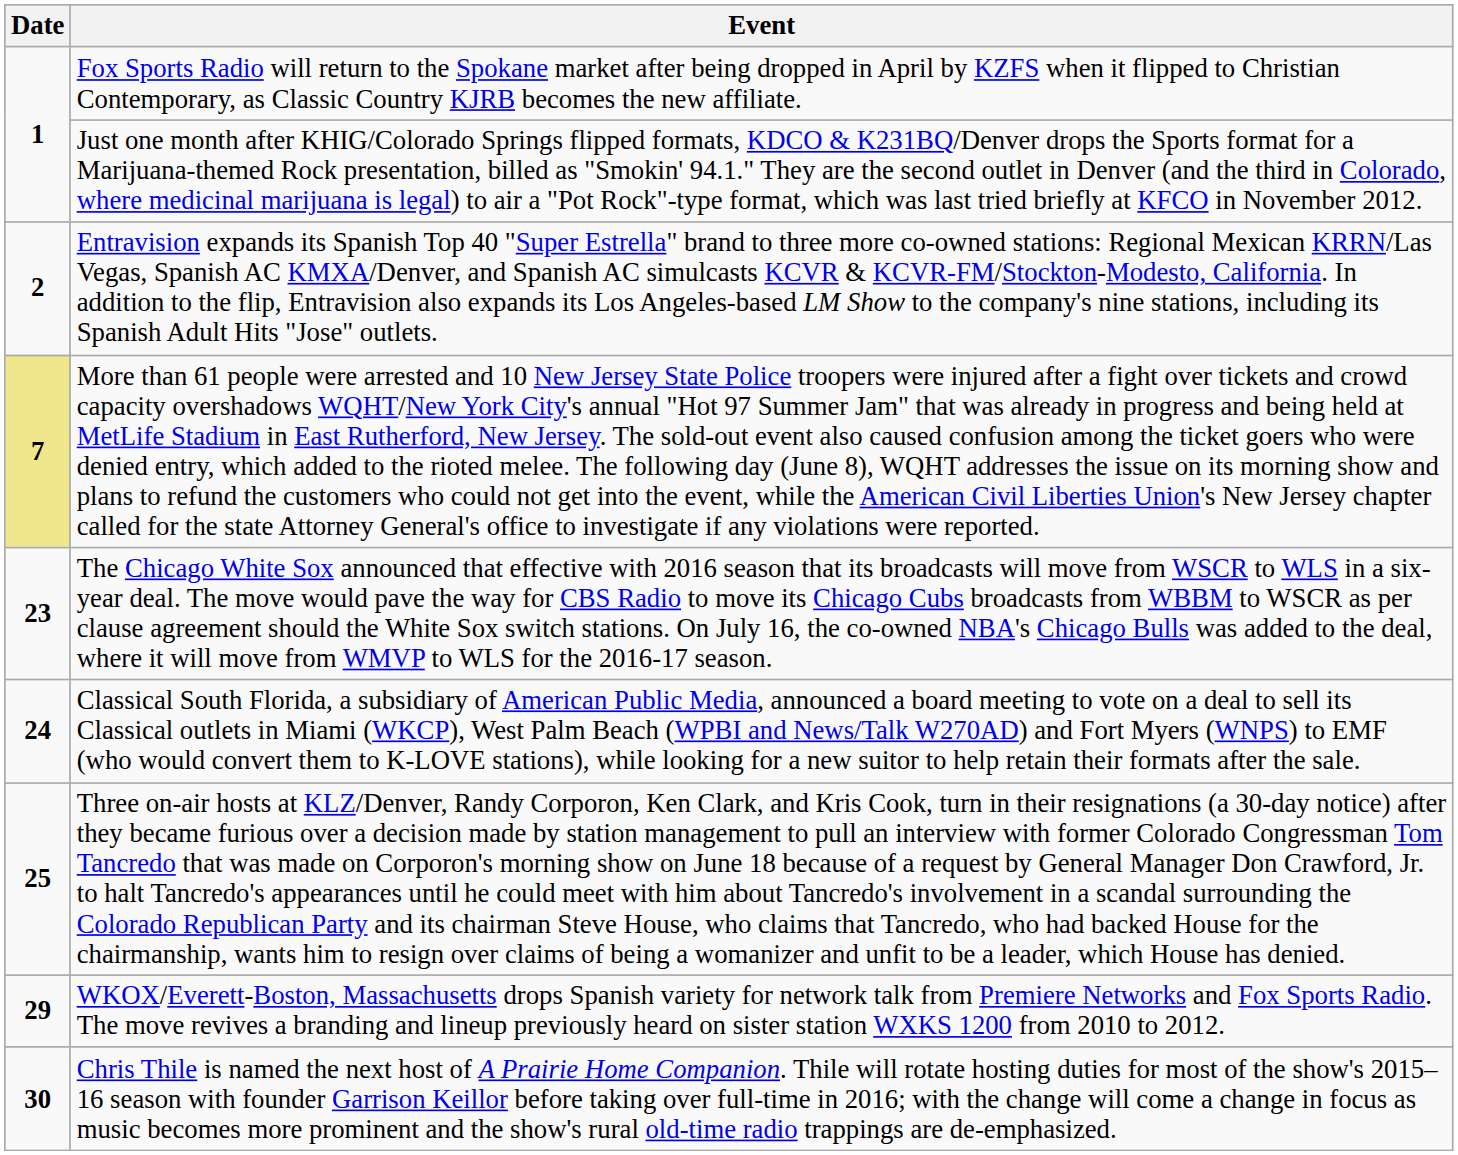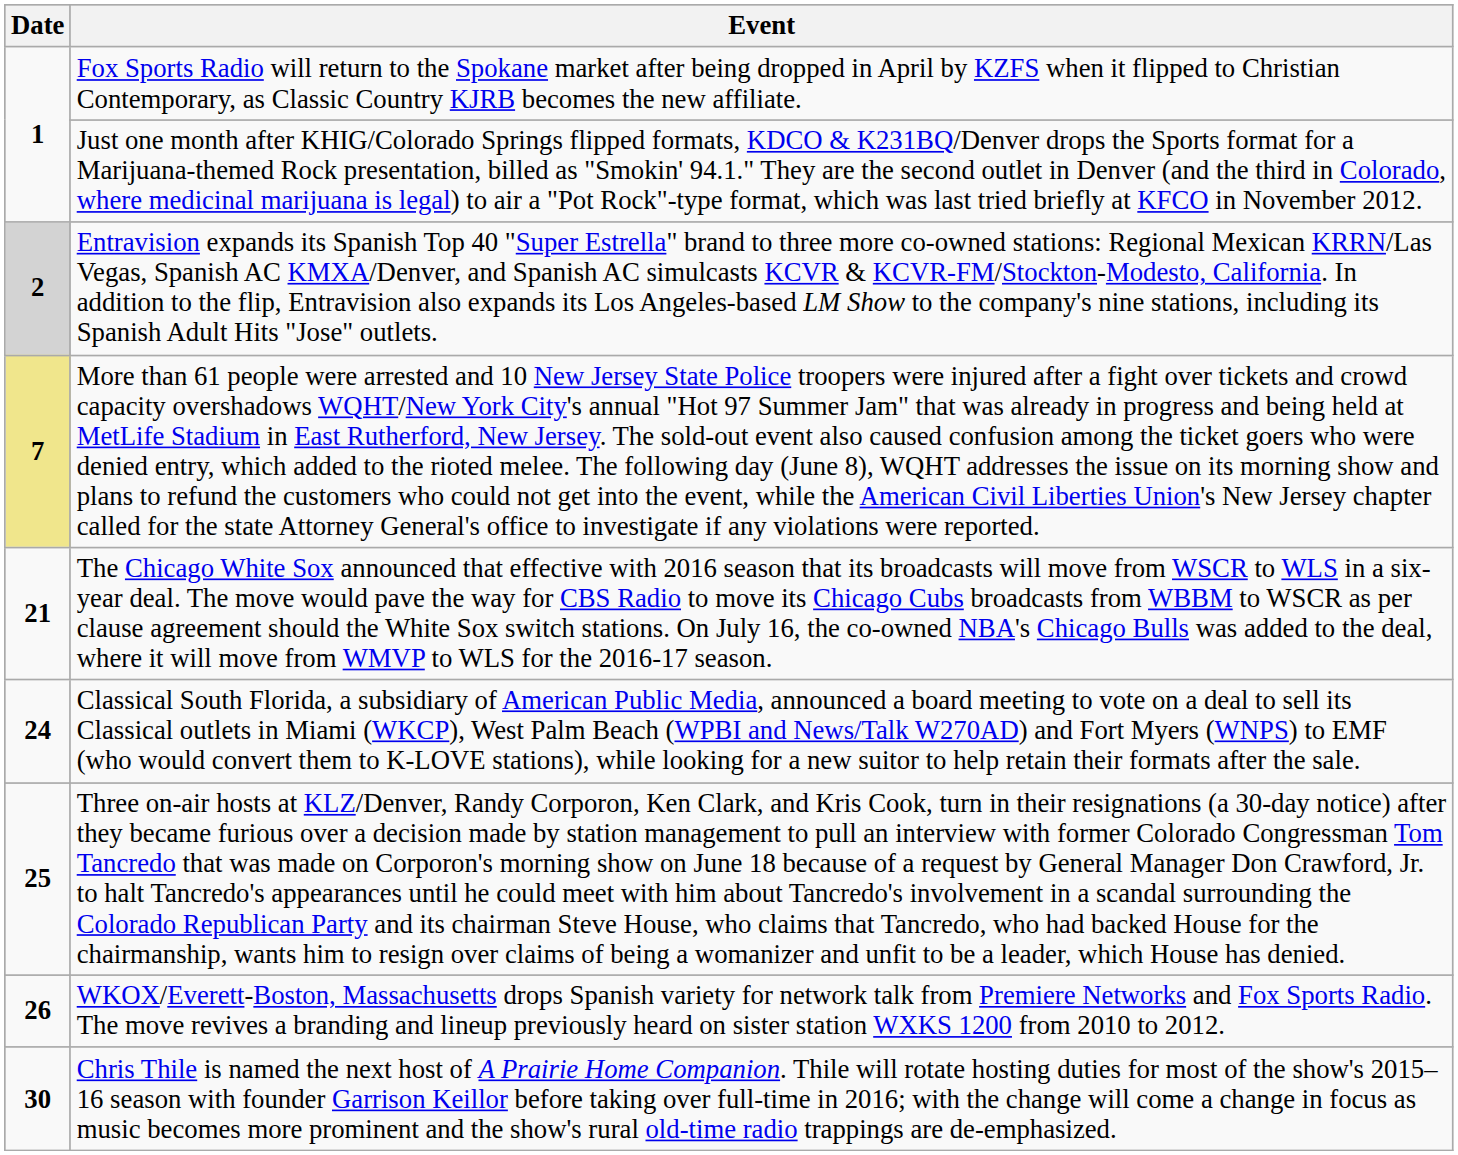 <table class="wikitable">
 <tr>
 <th>Date</th>
 <th>Event</th>
 </tr>
 <tr>
 <td style="text-align:center" rowspan=2><strong>1</strong></td>
 <td><a href='#'>Fox Sports Radio</a> will return to the <a href='#'>Spokane</a> market after being dropped in April by <a href='#'>KZFS</a> when it flipped to Christian Contemporary, as Classic Country <a href='#'>KJRB</a> becomes the new affiliate.</td>
 </tr>
 <tr>
 <td>Just one month after KHIG/Colorado Springs flipped formats, <a href='#'>KDCO & K231BQ</a>/Denver drops the Sports format for a Marijuana-themed Rock presentation, billed as "Smokin' 94.1." They are the second outlet in Denver (and the third in <a href='#'>Colorado</a>, <a href='#'>where medicinal marijuana is legal</a>) to air a "Pot Rock"-type format, which was last tried briefly at <a href='#'>KFCO</a> in November 2012.</td>
 </tr>
 <tr>
-<td style="text-align:center"><strong>2</strong></td>
+<td style="background: lightgrey; text-align:center"><strong>2</strong></td>
 <td><a href='#'>Entravision</a> expands its Spanish Top 40 "<a href='#'>Super Estrella</a>" brand to three more co-owned stations: Regional Mexican <a href='#'>KRRN</a>/Las Vegas, Spanish AC <a href='#'>KMXA</a>/Denver, and Spanish AC simulcasts <a href='#'>KCVR</a> & <a href='#'>KCVR-FM</a>/<a href='#'>Stockton</a>-<a href='#'>Modesto, California</a>. In addition to the flip, Entravision also expands its Los Angeles-based <em>LM Show</em> to the company's nine stations, including its Spanish Adult Hits "Jose" outlets.</td>
 </tr>
 <tr>
 <td style="background: khaki; text-align:center"><strong>7</strong></td>
 <td>More than 61 people were arrested and 10 <a href='#'>New Jersey State Police</a> troopers were injured after a fight over tickets and crowd capacity overshadows <a href='#'>WQHT</a>/<a href='#'>New York City</a>'s annual "Hot 97 Summer Jam" that was already in progress and being held at <a href='#'>MetLife Stadium</a> in <a href='#'>East Rutherford, New Jersey</a>. The sold-out event also caused confusion among the ticket goers who were denied entry, which added to the rioted melee. The following day (June 8), WQHT addresses the issue on its morning show and plans to refund the customers who could not get into the event, while the <a href='#'>American Civil Liberties Union</a>'s New Jersey chapter called for the state Attorney General's office to investigate if any violations were reported.</td>
 </tr>
 <tr>
-<td style="text-align:center"><strong>23</strong></td>
+<td style="text-align:center"><strong>21</strong></td>
 <td>The <a href='#'>Chicago White Sox</a> announced that effective with 2016 season that its broadcasts will move from <a href='#'>WSCR</a> to <a href='#'>WLS</a> in a six-year deal. The move would pave the way for <a href='#'>CBS Radio</a> to move its <a href='#'>Chicago Cubs</a> broadcasts from <a href='#'>WBBM</a> to WSCR as per clause agreement should the White Sox switch stations. On July 16, the co-owned <a href='#'>NBA</a>'s <a href='#'>Chicago Bulls</a> was added to the deal, where it will move from <a href='#'>WMVP</a> to WLS for the 2016-17 season.</td>
 </tr>
 <tr>
 <td style="text-align:center"><strong>24</strong></td>
 <td>Classical South Florida, a subsidiary of <a href='#'>American Public Media</a>, announced a board meeting to vote on a deal to sell its Classical outlets in Miami (<a href='#'>WKCP</a>), West Palm Beach (<a href='#'>WPBI and News/Talk W270AD</a>) and Fort Myers (<a href='#'>WNPS</a>) to EMF (who would convert them to K-LOVE stations), while looking for a new suitor to help retain their formats after the sale.</td>
 </tr>
 <tr>
 <td style="text-align:center"><strong>25</strong></td>
 <td>Three on-air hosts at <a href='#'>KLZ</a>/Denver, Randy Corporon, Ken Clark, and Kris Cook, turn in their resignations (a 30-day notice) after they became furious over a decision made by station management to pull an interview with former Colorado Congressman <a href='#'>Tom Tancredo</a> that was made on Corporon's morning show on June 18 because of a request by General Manager Don Crawford, Jr. to halt Tancredo's appearances until he could meet with him about Tancredo's involvement in a scandal surrounding the <a href='#'>Colorado Republican Party</a> and its chairman Steve House, who claims that Tancredo, who had backed House for the chairmanship, wants him to resign over claims of being a womanizer and unfit to be a leader, which House has denied.</td>
 </tr>
 <tr>
-<td style="text-align:center"><strong>29</strong></td>
+<td style="text-align:center"><strong>26</strong></td>
 <td><a href='#'>WKOX</a>/<a href='#'>Everett</a>-<a href='#'>Boston, Massachusetts</a> drops Spanish variety for network talk from <a href='#'>Premiere Networks</a> and <a href='#'>Fox Sports Radio</a>. The move revives a branding and lineup previously heard on sister station <a href='#'>WXKS 1200</a> from 2010 to 2012.</td>
 </tr>
 <tr>
 <td style="text-align:center;"><strong>30</strong></td>
 <td><a href='#'>Chris Thile</a> is named the next host of <em><a href='#'>A Prairie Home Companion</a></em>. Thile will rotate hosting duties for most of the show's 2015–16 season with founder <a href='#'>Garrison Keillor</a> before taking over full-time in 2016; with the change will come a change in focus as music becomes more prominent and the show's rural <a href='#'>old-time radio</a> trappings are de-emphasized.</td>
 </tr>
 </table>
